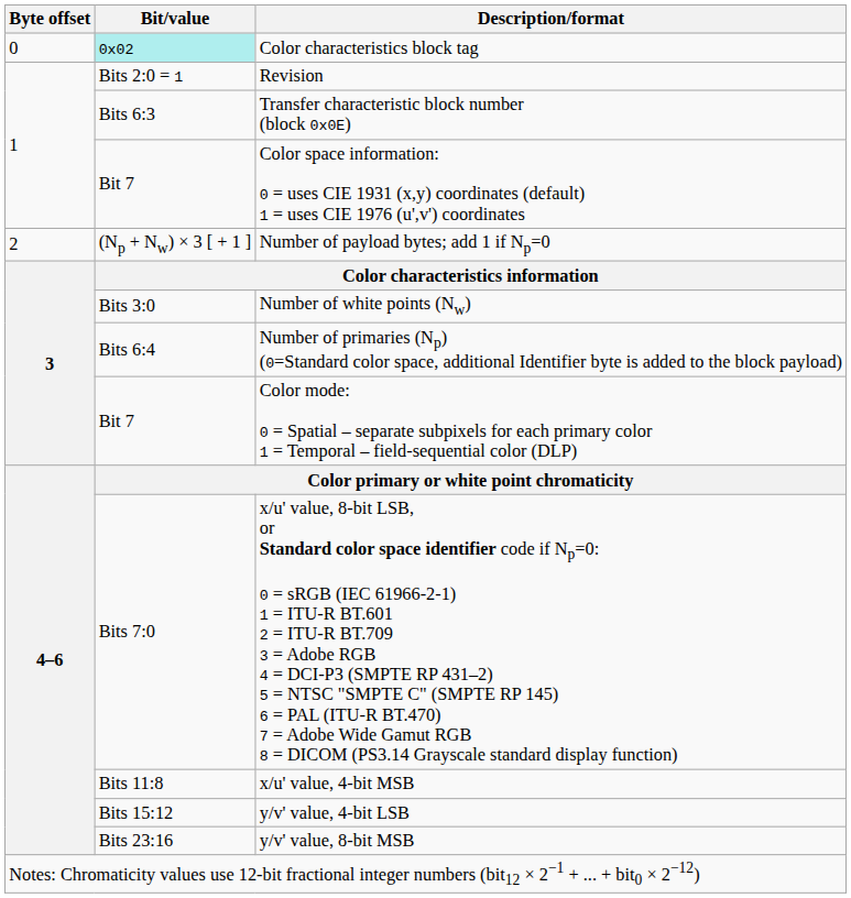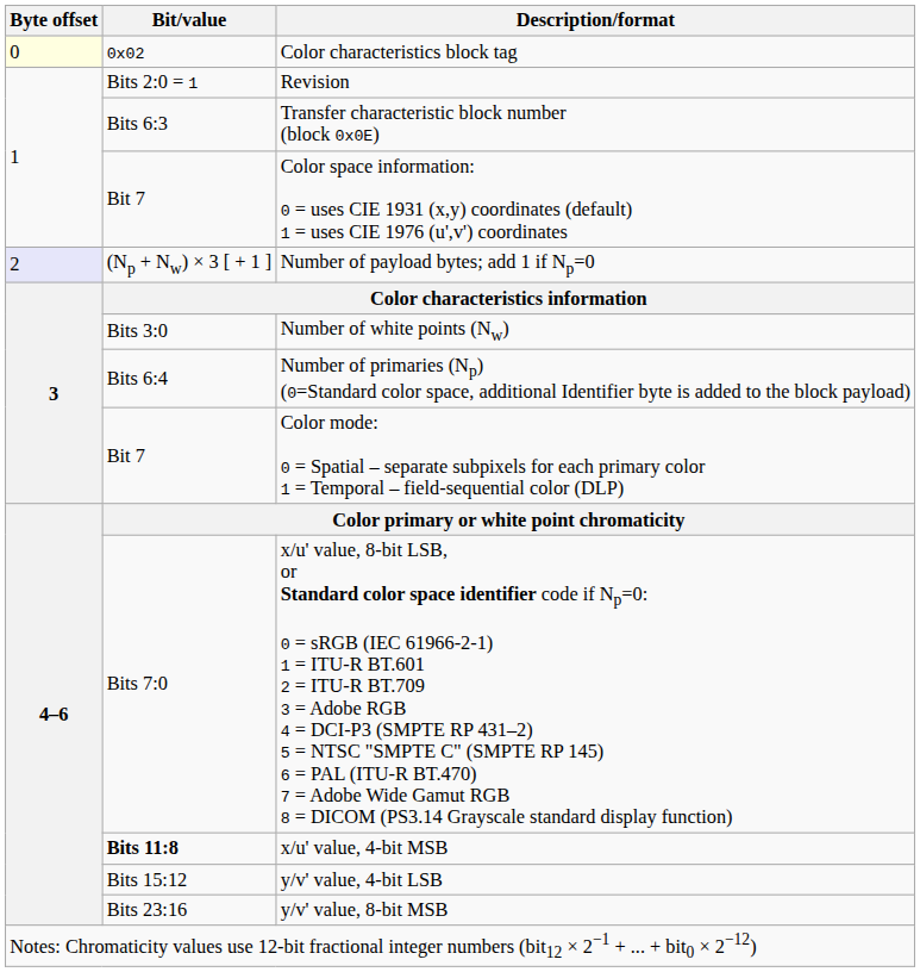 <table class=wikitable>
 <tr>
 <th>Byte offset</th>
 <th>Bit/value</th>
 <th>Description/format</th>
 </tr>
 <tr>
-<td>0</td>
-<td style="background: paleturquoise;"><code>0x02</code></td>
+<td style="background: lightyellow;">0</td>
+<td><code>0x02</code></td>
 <td>Color characteristics block tag</td>
 </tr>
 <tr>
 <td rowspan=3>1</td>
 <td>Bits 2:0 = <code>1</code></td>
 <td>Revision</td>
 </tr>
 <tr>
 <td>Bits 6:3</td>
 <td>Transfer characteristic block number <br>(block <code>0x0E</code>)</td>
 </tr>
 <tr>
 <td>Bit 7</td>
 <td>Color space information:<br><br><code>0</code> = uses CIE 1931 (x,y) coordinates (default)<br> <code>1</code> = uses CIE 1976 (u',v') coordinates</td>
 </tr>
 <tr>
-<td>2</td>
+<td style="background: lavender;">2</td>
 <td>(N<sub>p</sub> + N<sub>w</sub>) × 3 [ + 1 ]</td>
 <td>Number of payload bytes; add 1 if N<sub>p</sub>=0</td>
 </tr>
 <tr>
 <th rowspan=4>3</th>
 <th colspan=2>Color characteristics information</th>
 </tr>
 <tr>
 <td>Bits 3:0</td>
 <td>Number of white points (N<sub>w</sub>)</td>
 </tr>
 <tr>
 <td>Bits 6:4</td>
 <td>Number of primaries (N<sub>p</sub>)<br> (<code>0</code>=Standard color space, additional Identifier byte is added to the block payload)</td>
 </tr>
 <tr>
 <td>Bit 7</td>
 <td>Color mode:<br><br><code>0</code> = Spatial – separate subpixels for each primary color<br> <code>1</code> = Temporal – field-sequential color (DLP)</td>
 </tr>
 <tr>
 <th rowspan=5>4–6</th>
 <th colspan=2>Color primary or white point chromaticity</th>
 </tr>
 <tr>
 <td>Bits 7:0</td>
 <td>x/u' value, 8-bit LSB,<br> or <br><strong>Standard color space identifier</strong> code if N<sub>p</sub>=0:<br><br><code>0</code> = sRGB (IEC 61966-2-1)<br> <code>1</code> = ITU-R BT.601<br> <code>2</code> = ITU-R BT.709<br> <code>3</code> = Adobe RGB<br>  <code>4</code> = DCI-P3 (SMPTE RP 431–2)<br>  <code>5</code> = NTSC "SMPTE C" (SMPTE RP 145)<br> <code>6</code> = PAL (ITU-R BT.470)<br> <code>7</code> = Adobe Wide Gamut RGB<br> <code>8</code> = DICOM (PS3.14 Grayscale standard display function)</td>
 </tr>
 <tr>
-<td>Bits 11:8</td>
+<td><strong>Bits 11:8</strong></td>
 <td>x/u' value, 4-bit MSB</td>
 </tr>
 <tr>
 <td>Bits 15:12</td>
 <td>y/v' value, 4-bit LSB</td>
 </tr>
 <tr>
 <td>Bits 23:16</td>
 <td>y/v' value, 8-bit MSB</td>
 </tr>
 <tr>
 <td colspan=3>Notes: Chromaticity values use 12-bit fractional integer numbers (bit<sub>12</sub> × 2<sup>−1</sup> + ... + bit<sub>0</sub> × 2<sup>−12</sup>)<br></td>
 </tr>
 </table>
